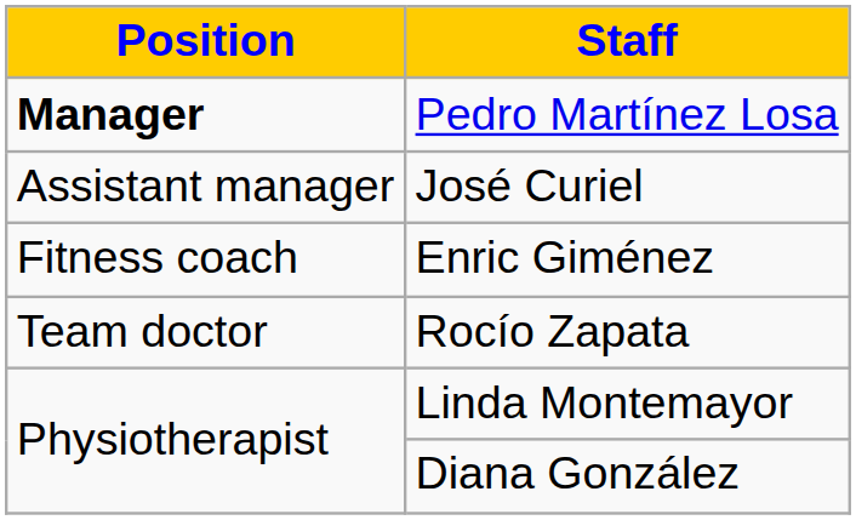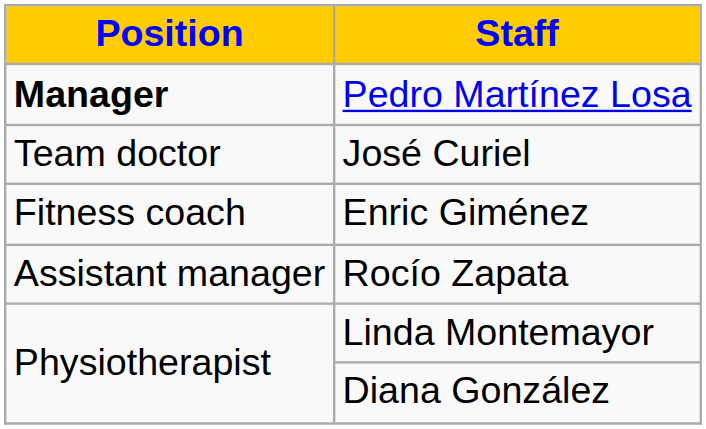 <table class="wikitable">
 <tr>
 <th style=background-color:#FFCC00;color:blue>Position</th>
 <th style=background-color:#FFCC00;color:blue>Staff</th>
 </tr>
 <tr>
 <td><strong>Manager</strong></td>
 <td> <a href='#'>Pedro Martínez Losa</a></td>
 </tr>
 <tr>
-<td>Assistant manager</td>
+<td>Team doctor</td>
 <td> José Curiel</td>
 </tr>
 <tr>
 <td>Fitness coach</td>
 <td> Enric Giménez</td>
 </tr>
 <tr>
-<td>Team doctor</td>
+<td>Assistant manager</td>
 <td> Rocío Zapata</td>
 </tr>
 <tr>
 <td rowspan="2">Physiotherapist</td>
 <td> Linda Montemayor</td>
 </tr>
 <tr>
 <td> Diana González</td>
 </tr>
 </table>
